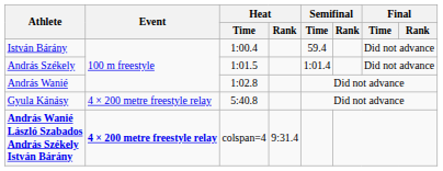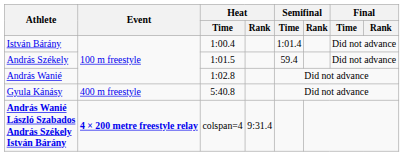 <table class=wikitable style="font-size:90%;">
 <tr>
 <th rowspan=2>Athlete</th>
 <th rowspan=2>Event</th>
 <th colspan=2>Heat</th>
 <th colspan=2>Semifinal</th>
 <th colspan=2>Final</th>
 </tr>
 <tr style="font-size:95%">
 <th>Time</th>
 <th>Rank</th>
 <th>Time</th>
 <th>Rank</th>
 <th>Time</th>
 <th>Rank</th>
 </tr>
 <tr align=center>
 <td align=left><a href='#'>István Bárány</a></td>
 <td rowspan=3 align=left><a href='#'>100 m freestyle</a></td>
 <td>1:00.4</td>
 <td></td>
-<td>59.4</td>
+<td>1:01.4</td>
 <td></td>
 <td colspan=2>Did not advance</td>
 </tr>
 <tr align=center>
 <td align=left><a href='#'>András Székely</a></td>
 <td>1:01.5</td>
 <td></td>
-<td>1:01.4</td>
+<td>59.4</td>
 <td></td>
 <td colspan=2>Did not advance</td>
 </tr>
 <tr align=center>
 <td align=left><a href='#'>András Wanié</a></td>
 <td>1:02.8</td>
 <td></td>
 <td colspan=4>Did not advance</td>
 </tr>
 <tr align=center>
 <td align=left><a href='#'>Gyula Kánásy</a></td>
-<td align=left><a href='#'>4 × 200 metre freestyle relay</a></td>
+<td align=left><a href='#'>400 m freestyle</a></td>
 <td>5:40.8</td>
 <td></td>
 <td colspan=4>Did not advance</td>
 </tr>
 <tr align=center>
 <td align=left><strong><a href='#'>András Wanié</a><br><a href='#'>László Szabados</a><br><a href='#'>András Székely</a><br><a href='#'>István Bárány</a></strong></td>
 <td align=left><strong><a href='#'>4 × 200 metre freestyle relay</a></strong></td>
 <td>colspan=4 </td>
 <td>9:31.4</td>
 <td></td>
 </tr>
 </table>
